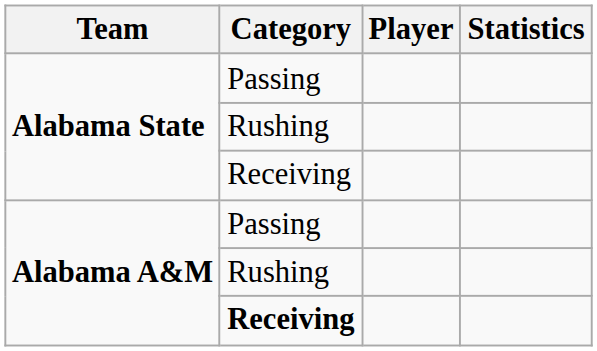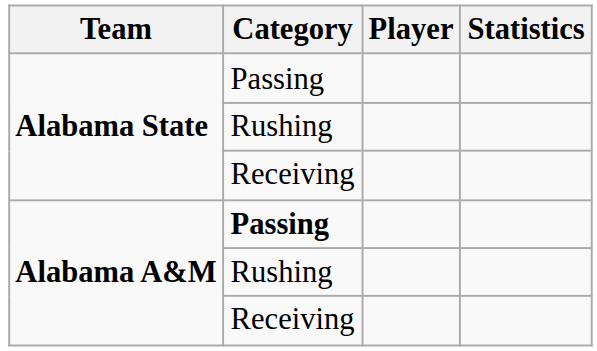 <table class="wikitable" style="float: right;">
 <tr>
 <th>Team</th>
 <th>Category</th>
 <th>Player</th>
 <th>Statistics</th>
 </tr>
 <tr>
 <td rowspan=3><strong>Alabama State</strong></td>
 <td>Passing</td>
 <td></td>
 <td></td>
 </tr>
 <tr>
 <td>Rushing</td>
 <td></td>
 <td></td>
 </tr>
 <tr>
 <td>Receiving</td>
 <td></td>
 <td></td>
 </tr>
 <tr>
 <td rowspan=3><strong>Alabama A&M</strong></td>
-<td>Passing</td>
+<td><strong>Passing</strong></td>
 <td></td>
 <td></td>
 </tr>
 <tr>
 <td>Rushing</td>
 <td></td>
 <td></td>
 </tr>
 <tr>
-<td><strong>Receiving</strong></td>
+<td>Receiving</td>
 <td></td>
 <td></td>
 </tr>
 </table>
